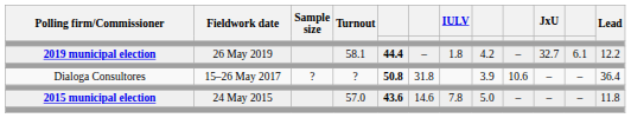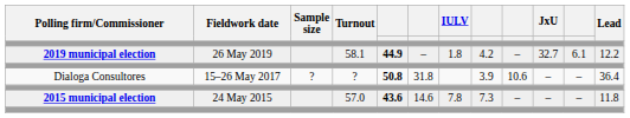 <table class="wikitable collapsible collapsed" style="text-align:center; font-size:95%; line-height:16px;">
 <tr style="height:42px;">
 <th style="width:250px;" rowspan="2">Polling firm/Commissioner</th>
 <th style="width:125px;" rowspan="2">Fieldwork date</th>
 <th style="width:50px;" rowspan="2">Sample size</th>
 <th style="width:45px;" rowspan="2">Turnout</th>
 <th style="width:35px;"></th>
 <th style="width:35px;"></th>
 <th style="width:35px;"><a href='#'>IULV</a></th>
 <th style="width:35px;"></th>
 <th style="width:35px;"></th>
 <th style="width:35px;">JxU</th>
 <th style="width:35px;"></th>
 <th style="width:30px;" rowspan="2">Lead</th>
 </tr>
 <tr>
 <th style="color:inherit;background:"></th>
 <th style="color:inherit;background:"></th>
 <th style="color:inherit;background:"></th>
 <th style="color:inherit;background:"></th>
 <th style="color:inherit;background:"></th>
 <th style="color:inherit;background:"></th>
 <th style="color:inherit;background:"></th>
 </tr>
 <tr>
 <td colspan="12" style="background:#A0A0A0"></td>
 </tr>
 <tr style="background:#EFEFEF;">
 <td><strong><a href='#'>2019 municipal election</a></strong></td>
 <td>26 May 2019</td>
 <td></td>
 <td>58.1</td>
-<td><strong>44.4</strong><br></td>
+<td><strong>44.9</strong><br></td>
 <td>–</td>
 <td>1.8<br></td>
 <td>4.2<br></td>
 <td>–</td>
 <td>32.7<br></td>
 <td>6.1<br></td>
 <td style="background:">12.2</td>
 </tr>
 <tr>
 <td colspan="12" style="background:#A0A0A0"></td>
 </tr>
 <tr>
 <td>Dialoga Consultores</td>
 <td>15–26 May 2017</td>
 <td>?</td>
 <td>?</td>
 <td><strong>50.8</strong><br></td>
 <td>31.8<br></td>
 <td></td>
 <td>3.9<br></td>
 <td>10.6<br></td>
 <td>–</td>
 <td>–</td>
 <td style="background:">36.4</td>
 </tr>
 <tr>
 <td colspan="12" style="background:#A0A0A0"></td>
 </tr>
 <tr style="background:#EFEFEF;">
 <td><strong><a href='#'>2015 municipal election</a></strong></td>
 <td>24 May 2015</td>
 <td></td>
 <td>57.0</td>
 <td><strong>43.6</strong><br></td>
 <td>14.6<br></td>
 <td>7.8<br></td>
-<td>5.0<br></td>
+<td>7.3<br></td>
 <td>–</td>
 <td>–</td>
 <td>–</td>
 <td style="background:">11.8</td>
 </tr>
 <tr>
 <td colspan="12" style="background:#A0A0A0"></td>
 </tr>
 </table>
